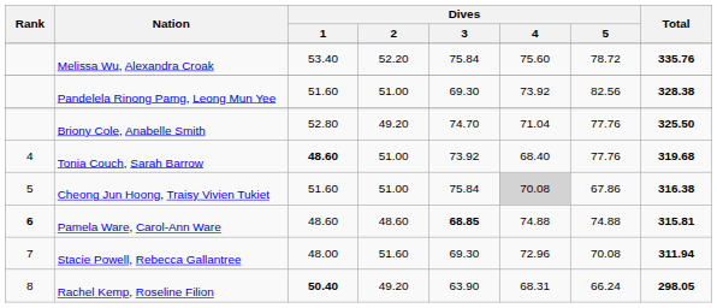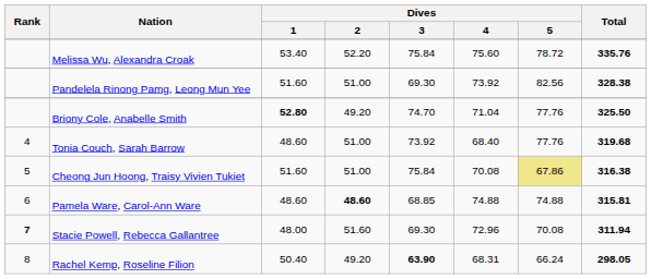 <table class="wikitable" width="75%">
 <tr>
 <th rowspan="2" width="7%">Rank</th>
 <th rowspan="2" width="33%">Nation</th>
 <th colspan="5">Dives</th>
 <th rowspan="2" width="10%">Total</th>
 </tr>
 <tr>
 <th width="10%">1</th>
 <th width="10%">2</th>
 <th width="10%">3</th>
 <th width="10%">4</th>
 <th width="10%">5</th>
 </tr>
 <tr>
 </tr>
 <tr>
 <td align="center"></td>
 <td><br><a href='#'>Melissa Wu</a>, <a href='#'>Alexandra Croak</a></td>
 <td align="center">53.40</td>
 <td align="center">52.20</td>
 <td align="center">75.84</td>
 <td align="center">75.60</td>
 <td align="center">78.72</td>
 <td align="center"><strong>335.76</strong></td>
 </tr>
 <tr>
 </tr>
 <tr>
 <td align="center"></td>
 <td><br><a href='#'>Pandelela Rinong Pamg</a>, <a href='#'>Leong Mun Yee</a></td>
 <td align="center">51.60</td>
 <td align="center">51.00</td>
 <td align="center">69.30</td>
 <td align="center">73.92</td>
 <td align="center">82.56</td>
 <td align="center"><strong>328.38</strong></td>
 </tr>
 <tr>
 </tr>
 <tr>
 <td align="center"></td>
 <td><br><a href='#'>Briony Cole</a>, <a href='#'>Anabelle Smith</a></td>
-<td align="center">52.80</td>
+<td align="center"><strong>52.80</strong></td>
 <td align="center">49.20</td>
 <td align="center">74.70</td>
 <td align="center">71.04</td>
 <td align="center">77.76</td>
 <td align="center"><strong>325.50</strong></td>
 </tr>
 <tr>
 <td align="center">4</td>
 <td><br><a href='#'>Tonia Couch</a>, <a href='#'>Sarah Barrow</a></td>
-<td align="center"><strong>48.60</strong></td>
+<td align="center">48.60</td>
 <td align="center">51.00</td>
 <td align="center">73.92</td>
 <td align="center">68.40</td>
 <td align="center">77.76</td>
 <td align="center"><strong>319.68</strong></td>
 </tr>
 <tr>
 <td align="center">5</td>
 <td><br><a href='#'>Cheong Jun Hoong</a>, <a href='#'>Traisy Vivien Tukiet</a></td>
 <td align="center">51.60</td>
 <td align="center">51.00</td>
 <td align="center">75.84</td>
-<td align="center" style="background: lightgrey;">70.08</td>
-<td align="center">67.86</td>
+<td align="center">70.08</td>
+<td align="center" style="background: khaki;">67.86</td>
 <td align="center"><strong>316.38</strong></td>
 </tr>
 <tr>
-<td align="center"><strong>6</strong></td>
+<td align="center">6</td>
 <td><br><a href='#'>Pamela Ware</a>, <a href='#'>Carol-Ann Ware</a></td>
 <td align="center">48.60</td>
-<td align="center">48.60</td>
-<td align="center"><strong>68.85</strong></td>
+<td align="center"><strong>48.60</strong></td>
+<td align="center">68.85</td>
 <td align="center">74.88</td>
 <td align="center">74.88</td>
 <td align="center"><strong>315.81</strong></td>
 </tr>
 <tr>
-<td align="center">7</td>
+<td align="center"><strong>7</strong></td>
 <td><br><a href='#'>Stacie Powell</a>, <a href='#'>Rebecca Gallantree</a></td>
 <td align="center">48.00</td>
 <td align="center">51.60</td>
 <td align="center">69.30</td>
 <td align="center">72.96</td>
 <td align="center">70.08</td>
 <td align="center"><strong>311.94</strong></td>
 </tr>
 <tr>
 <td align="center">8</td>
 <td><br><a href='#'>Rachel Kemp</a>, <a href='#'>Roseline Filion</a></td>
-<td align="center"><strong>50.40</strong></td>
+<td align="center">50.40</td>
 <td align="center">49.20</td>
-<td align="center">63.90</td>
+<td align="center"><strong>63.90</strong></td>
 <td align="center">68.31</td>
 <td align="center">66.24</td>
 <td align="center"><strong>298.05</strong></td>
 </tr>
 </table>
